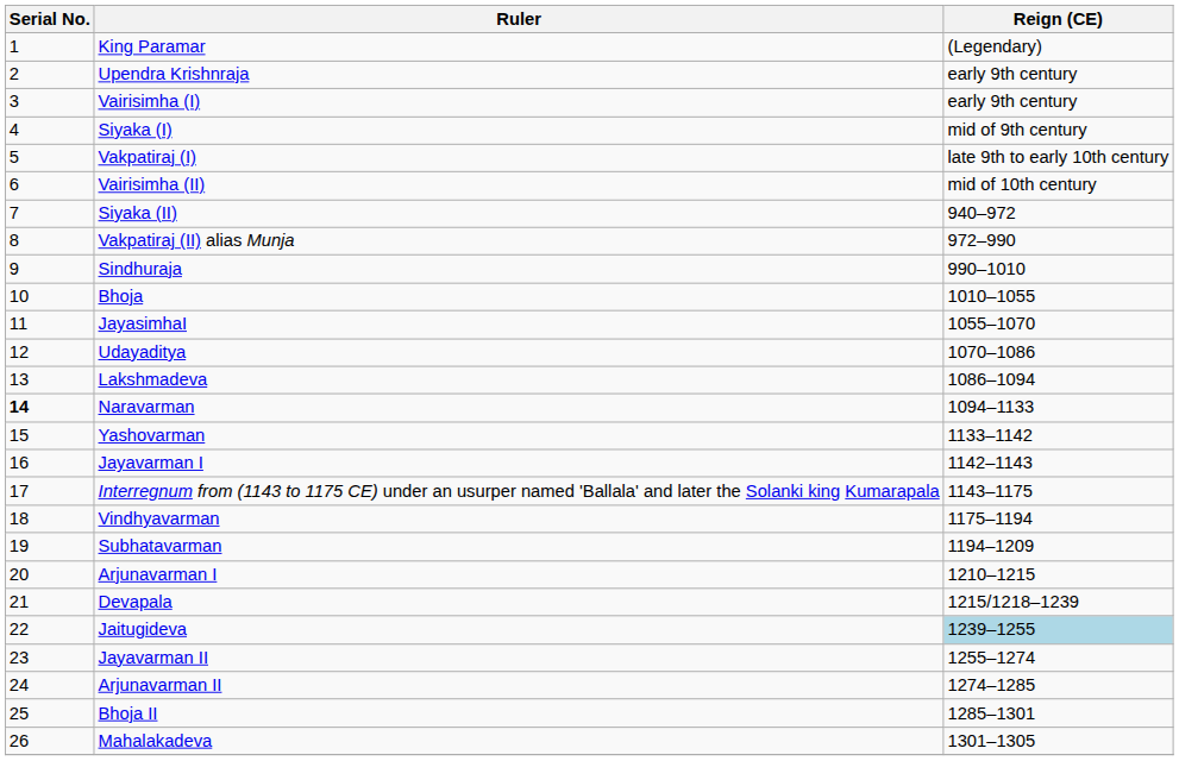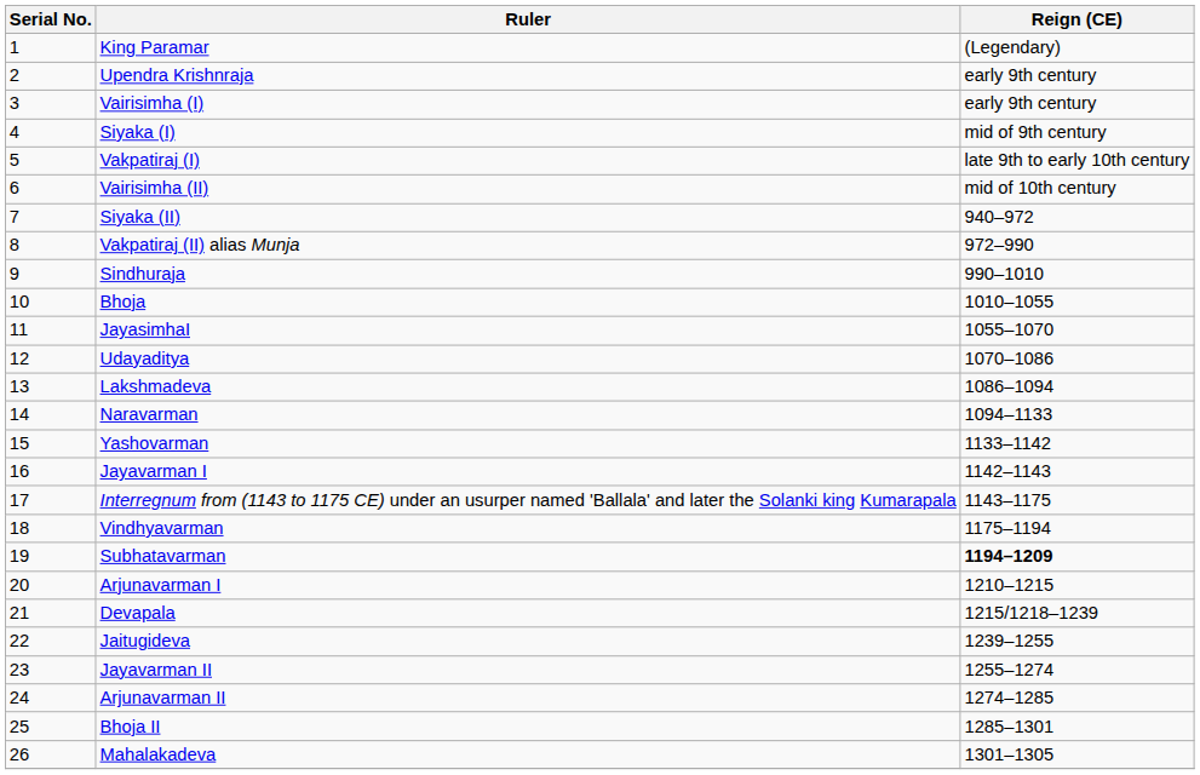 <table class="wikitable">
 <tr>
 <th>Serial No.</th>
 <th>Ruler</th>
 <th>Reign (CE)</th>
 </tr>
 <tr>
 <td>1</td>
 <td><a href='#'>King Paramar</a></td>
 <td>(Legendary)</td>
 </tr>
 <tr>
 <td>2</td>
 <td><a href='#'>Upendra Krishnraja</a></td>
 <td>early 9th century</td>
 </tr>
 <tr>
 <td>3</td>
 <td><a href='#'>Vairisimha (I)</a></td>
 <td>early 9th century</td>
 </tr>
 <tr>
 <td>4</td>
 <td><a href='#'>Siyaka (I)</a></td>
 <td>mid of 9th century</td>
 </tr>
 <tr>
 <td>5</td>
 <td><a href='#'>Vakpatiraj (I)</a></td>
 <td>late 9th to early 10th century</td>
 </tr>
 <tr>
 <td>6</td>
 <td><a href='#'>Vairisimha (II)</a></td>
 <td>mid of 10th century</td>
 </tr>
 <tr>
 <td>7</td>
 <td><a href='#'>Siyaka (II)</a></td>
 <td>940–972</td>
 </tr>
 <tr>
 <td>8</td>
 <td><a href='#'>Vakpatiraj (II)</a> alias <em>Munja</em></td>
 <td>972–990</td>
 </tr>
 <tr>
 <td>9</td>
 <td><a href='#'>Sindhuraja</a></td>
 <td>990–1010</td>
 </tr>
 <tr>
 <td>10</td>
 <td><a href='#'>Bhoja</a></td>
 <td>1010–1055</td>
 </tr>
 <tr>
 <td>11</td>
 <td><a href='#'>JayasimhaI</a></td>
 <td>1055–1070</td>
 </tr>
 <tr>
 <td>12</td>
 <td><a href='#'>Udayaditya</a></td>
 <td>1070–1086</td>
 </tr>
 <tr>
 <td>13</td>
 <td><a href='#'>Lakshmadeva</a></td>
 <td>1086–1094</td>
 </tr>
 <tr>
-<td><strong>14</strong></td>
+<td>14</td>
 <td><a href='#'>Naravarman</a></td>
 <td>1094–1133</td>
 </tr>
 <tr>
 <td>15</td>
 <td><a href='#'>Yashovarman</a></td>
 <td>1133–1142</td>
 </tr>
 <tr>
 <td>16</td>
 <td><a href='#'>Jayavarman I</a></td>
 <td>1142–1143</td>
 </tr>
 <tr>
 <td>17</td>
 <td><em><a href='#'>Interregnum</a> from (1143 to 1175 CE)</em> under an usurper named 'Ballala' and later the <a href='#'>Solanki king</a> <a href='#'>Kumarapala</a></td>
 <td>1143–1175</td>
 </tr>
 <tr>
 <td>18</td>
 <td><a href='#'>Vindhyavarman</a></td>
 <td>1175–1194</td>
 </tr>
 <tr>
 <td>19</td>
 <td><a href='#'>Subhatavarman</a></td>
-<td>1194–1209</td>
+<td><strong>1194–1209</strong></td>
 </tr>
 <tr>
 <td>20</td>
 <td><a href='#'>Arjunavarman I</a></td>
 <td>1210–1215</td>
 </tr>
 <tr>
 <td>21</td>
 <td><a href='#'>Devapala</a></td>
 <td>1215/1218–1239</td>
 </tr>
 <tr>
 <td>22</td>
 <td><a href='#'>Jaitugideva</a></td>
-<td style="background: lightblue;">1239–1255</td>
+<td>1239–1255</td>
 </tr>
 <tr>
 <td>23</td>
 <td><a href='#'>Jayavarman II</a></td>
 <td>1255–1274</td>
 </tr>
 <tr>
 <td>24</td>
 <td><a href='#'>Arjunavarman II</a></td>
 <td>1274–1285</td>
 </tr>
 <tr>
 <td>25</td>
 <td><a href='#'>Bhoja II</a></td>
 <td>1285–1301</td>
 </tr>
 <tr>
 <td>26</td>
 <td><a href='#'>Mahalakadeva</a></td>
 <td>1301–1305</td>
 </tr>
 <tr>
 </tr>
 </table>
